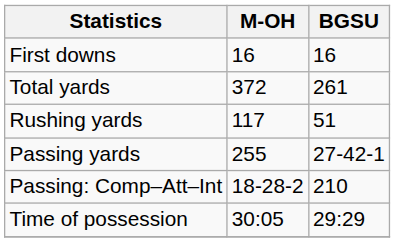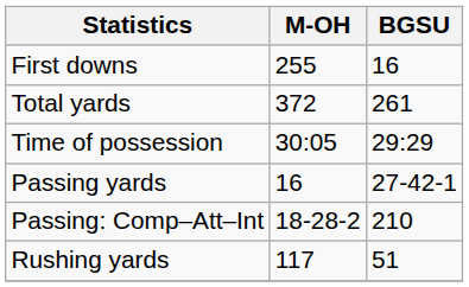 <table class="wikitable" style="float: left;">
 <tr>
 <th>Statistics</th>
 <th>M-OH</th>
 <th>BGSU</th>
 </tr>
 <tr>
 <td>First downs</td>
-<td>16</td>
+<td>255</td>
 <td>16</td>
 </tr>
 <tr>
 <td>Total yards</td>
 <td>372</td>
 <td>261</td>
 </tr>
 <tr>
-<td>Rushing yards</td>
-<td>117</td>
-<td>51</td>
+<td>Time of possession</td>
+<td>30:05</td>
+<td>29:29</td>
 </tr>
 <tr>
 <td>Passing yards</td>
-<td>255</td>
+<td>16</td>
 <td>27-42-1</td>
 </tr>
 <tr>
 <td>Passing: Comp–Att–Int</td>
 <td>18-28-2</td>
 <td>210</td>
 </tr>
 <tr>
-<td>Time of possession</td>
-<td>30:05</td>
-<td>29:29</td>
+<td>Rushing yards</td>
+<td>117</td>
+<td>51</td>
 </tr>
 <tr>
 </tr>
 </table>
